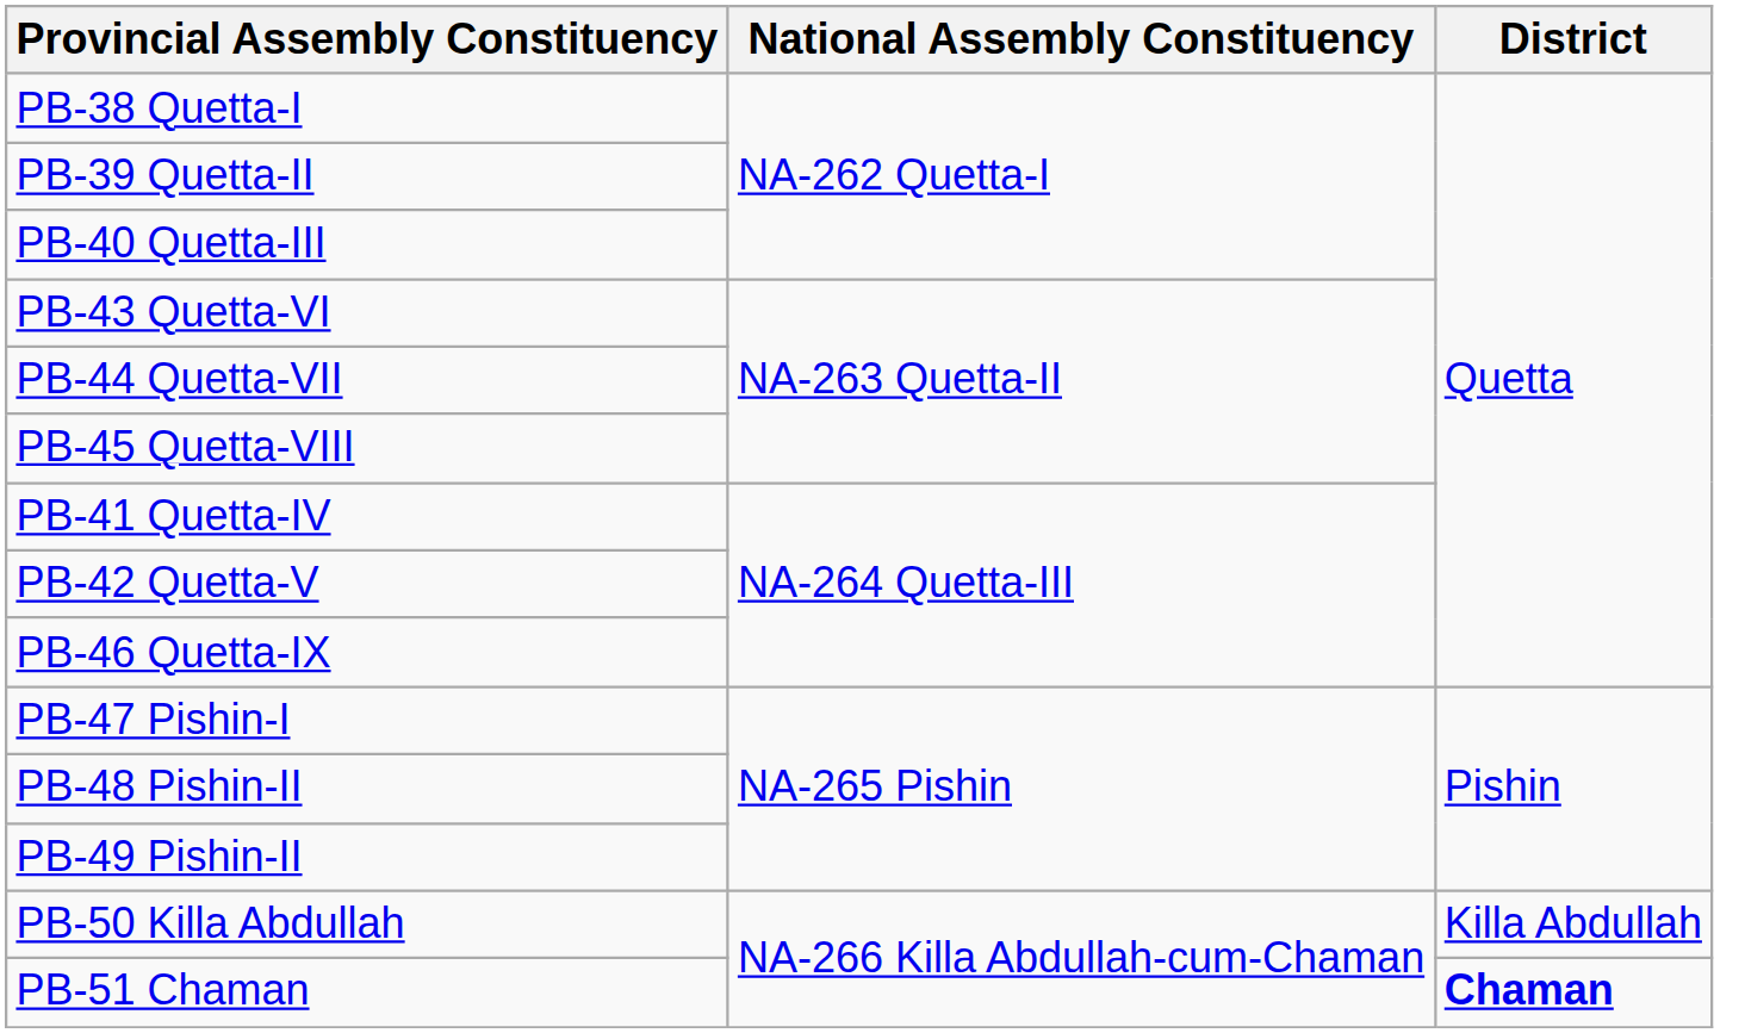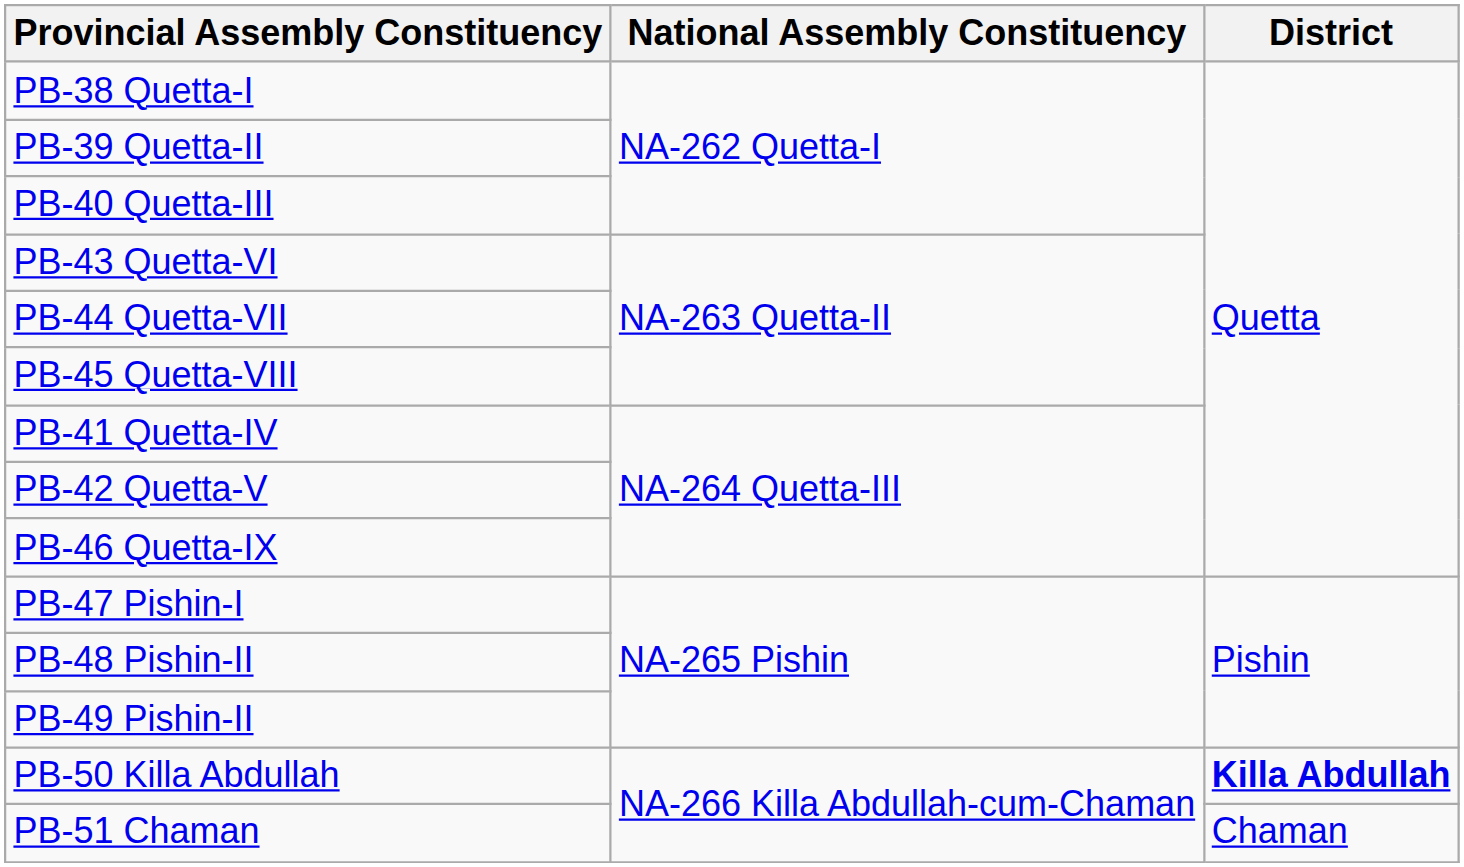 <table class="wikitable sortable static-row-numbers static-row-header-hash">
 <tr>
 <th>Provincial Assembly Constituency</th>
 <th>National Assembly Constituency</th>
 <th>District</th>
 </tr>
 <tr>
 <td><a href='#'>PB-38 Quetta-I</a></td>
 <td rowspan="3"><a href='#'>NA-262 Quetta-I</a></td>
 <td rowspan="9"><a href='#'>Quetta</a></td>
 </tr>
 <tr>
 <td><a href='#'>PB-39 Quetta-II</a></td>
 </tr>
 <tr>
 <td><a href='#'>PB-40 Quetta-III</a></td>
 </tr>
 <tr>
 <td><a href='#'>PB-43 Quetta-VI</a></td>
 <td rowspan="3"><a href='#'>NA-263 Quetta-II</a></td>
 </tr>
 <tr>
 <td><a href='#'>PB-44 Quetta-VII</a></td>
 </tr>
 <tr>
 <td><a href='#'>PB-45 Quetta-VIII</a></td>
 </tr>
 <tr>
 <td><a href='#'>PB-41 Quetta-IV</a></td>
 <td rowspan="3"><a href='#'>NA-264 Quetta-III</a></td>
 </tr>
 <tr>
 <td><a href='#'>PB-42 Quetta-V</a></td>
 </tr>
 <tr>
 <td><a href='#'>PB-46 Quetta-IX</a></td>
 </tr>
 <tr>
 <td><a href='#'>PB-47 Pishin-I</a></td>
 <td rowspan="3"><a href='#'>NA-265 Pishin</a></td>
 <td rowspan="3"><a href='#'>Pishin</a></td>
 </tr>
 <tr>
 <td><a href='#'>PB-48 Pishin-II</a></td>
 </tr>
 <tr>
 <td><a href='#'>PB-49 Pishin-II</a></td>
 </tr>
 <tr>
 <td><a href='#'>PB-50 Killa Abdullah</a></td>
 <td rowspan="2"><a href='#'>NA-266 Killa Abdullah-cum-Chaman</a></td>
-<td><a href='#'>Killa Abdullah</a></td>
+<td><strong><a href='#'>Killa Abdullah</a></strong></td>
 </tr>
 <tr>
 <td><a href='#'>PB-51 Chaman</a></td>
-<td><strong><a href='#'>Chaman</a></strong></td>
+<td><a href='#'>Chaman</a></td>
 </tr>
 </table>
